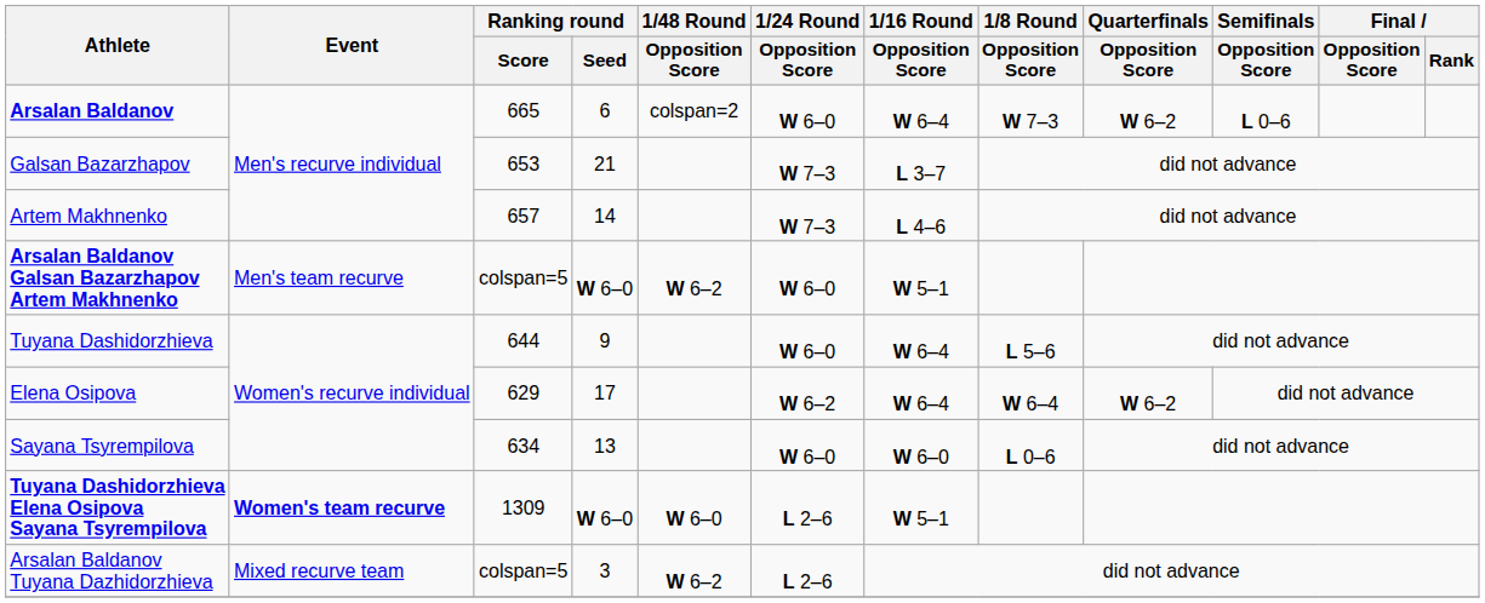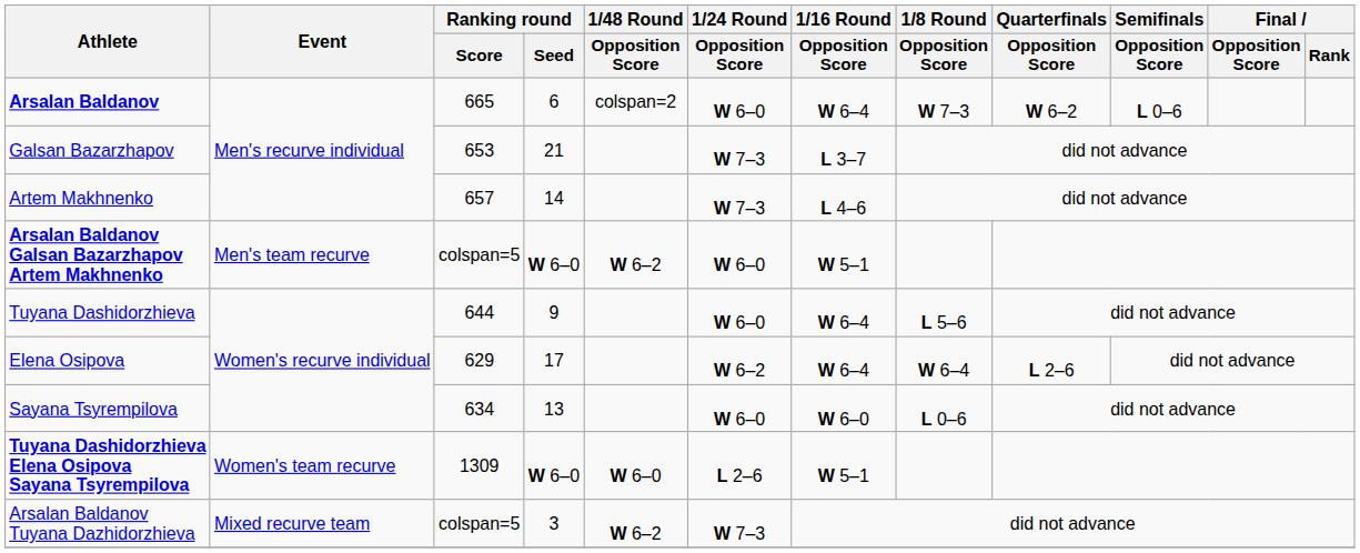 <table class="wikitable" style="font-size:90%">
 <tr>
 <th rowspan=2>Athlete</th>
 <th rowspan=2>Event</th>
 <th colspan=2>Ranking round</th>
 <th>1/48 Round</th>
 <th>1/24 Round</th>
 <th>1/16 Round</th>
 <th>1/8 Round</th>
 <th>Quarterfinals</th>
 <th>Semifinals</th>
 <th colspan=2>Final / </th>
 </tr>
 <tr style="font-size:95%">
 <th>Score</th>
 <th>Seed</th>
 <th>Opposition<br>Score</th>
 <th>Opposition<br>Score</th>
 <th>Opposition<br>Score</th>
 <th>Opposition<br>Score</th>
 <th>Opposition<br>Score</th>
 <th>Opposition<br>Score</th>
 <th>Opposition<br>Score</th>
 <th>Rank</th>
 </tr>
 <tr align=center>
 <td align=left><strong><a href='#'>Arsalan Baldanov</a></strong></td>
 <td align=left rowspan=3><a href='#'>Men's recurve individual</a></td>
 <td>665</td>
 <td>6</td>
 <td>colspan=2 </td>
 <td><br><strong>W</strong> 6–0</td>
 <td><br><strong>W</strong> 6–4</td>
 <td><br><strong>W</strong> 7–3</td>
 <td><br><strong>W</strong> 6–2</td>
 <td><br><strong>L</strong> 0–6</td>
 <td></td>
 </tr>
 <tr align=center>
 <td align=left><a href='#'>Galsan Bazarzhapov</a></td>
 <td>653</td>
 <td>21</td>
 <td></td>
 <td><br><strong>W</strong> 7–3</td>
 <td><br><strong>L</strong> 3–7</td>
 <td colspan=5>did not advance</td>
 </tr>
 <tr align=center>
 <td align=left><a href='#'>Artem Makhnenko</a></td>
 <td>657</td>
 <td>14</td>
 <td></td>
 <td><br><strong>W</strong> 7–3</td>
 <td><br><strong>L</strong> 4–6</td>
 <td colspan=5>did not advance</td>
 </tr>
 <tr align=center>
 <td align=left><strong><a href='#'>Arsalan Baldanov</a><br><a href='#'>Galsan Bazarzhapov</a><br><a href='#'>Artem Makhnenko</a></strong></td>
 <td align=left><a href='#'>Men's team recurve</a></td>
 <td>colspan=5</td>
 <td><br><strong>W</strong> 6–0</td>
 <td><br><strong>W</strong> 6–2</td>
 <td><br><strong>W</strong> 6–0</td>
 <td><br><strong>W</strong> 5–1</td>
 <td></td>
 </tr>
 <tr align=center>
 <td align=left><a href='#'>Tuyana Dashidorzhieva</a></td>
 <td align=left rowspan=3><a href='#'>Women's recurve individual</a></td>
 <td>644</td>
 <td>9</td>
 <td></td>
 <td><br><strong>W</strong> 6–0</td>
 <td><br><strong>W</strong> 6–4</td>
 <td><br><strong>L</strong> 5–6</td>
 <td colspan=4>did not advance</td>
 </tr>
 <tr align=center>
 <td align=left><a href='#'>Elena Osipova</a></td>
 <td>629</td>
 <td>17</td>
 <td></td>
 <td><br><strong>W</strong> 6–2</td>
 <td><br><strong>W</strong> 6–4</td>
 <td><br><strong>W</strong> 6–4</td>
-<td><br><strong>W</strong> 6–2</td>
+<td><br><strong>L</strong> 2–6</td>
 <td colspan=3>did not advance</td>
 </tr>
 <tr align=center>
 <td align=left><a href='#'>Sayana Tsyrempilova</a></td>
 <td>634</td>
 <td>13</td>
 <td></td>
 <td><br><strong>W</strong> 6–0</td>
 <td><br><strong>W</strong> 6–0</td>
 <td><br><strong>L</strong> 0–6</td>
 <td colspan=4>did not advance</td>
 </tr>
 <tr align=center>
 <td align=left><strong><a href='#'>Tuyana Dashidorzhieva</a><br><a href='#'>Elena Osipova</a><br><a href='#'>Sayana Tsyrempilova</a></strong></td>
-<td align=left><strong><a href='#'>Women's team recurve</a></strong></td>
+<td align=left><a href='#'>Women's team recurve</a></td>
 <td>1309</td>
 <td><br><strong>W</strong> 6–0</td>
 <td><br><strong>W</strong> 6–0</td>
 <td><br><strong>L</strong> 2–6</td>
 <td><br><strong>W</strong> 5–1</td>
 <td></td>
 </tr>
 <tr align=center>
 <td align=left><a href='#'>Arsalan Baldanov</a><br><a href='#'>Tuyana Dazhidorzhieva</a></td>
 <td align=left><a href='#'>Mixed recurve team</a></td>
 <td>colspan=5</td>
 <td>3</td>
 <td><br><strong>W</strong> 6–2</td>
-<td><br><strong>L</strong> 2–6</td>
+<td><br><strong>W</strong> 7–3</td>
 <td colspan=6>did not advance</td>
 </tr>
 <tr align=center>
 </tr>
 </table>
